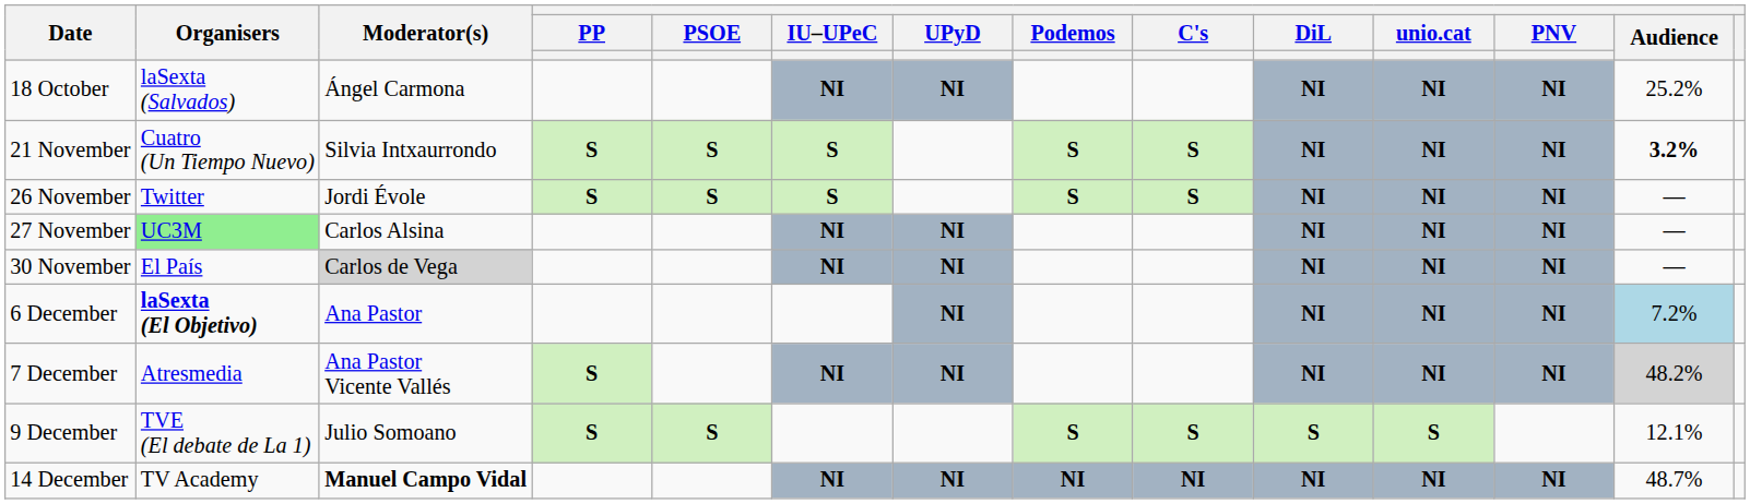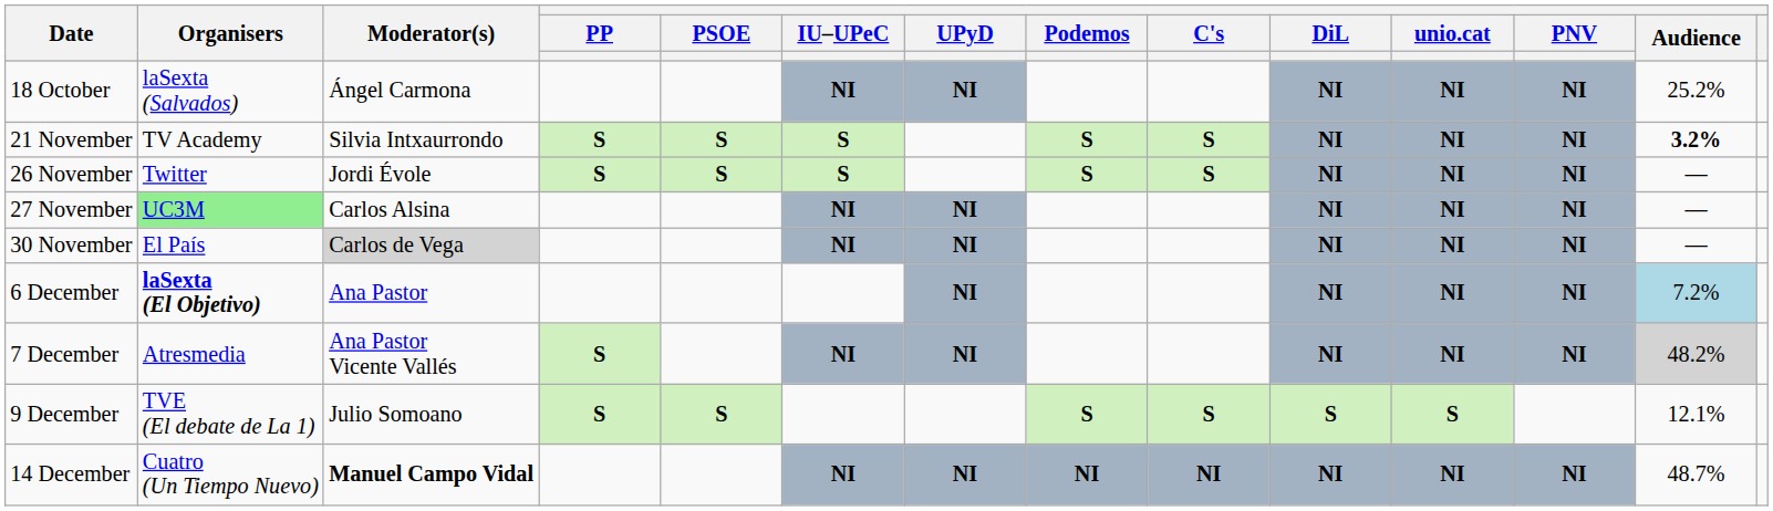 <table class="wikitable" style="text-align:center;">
 <tr>
 <th rowspan="3">Date</th>
 <th rowspan="3">Organisers</th>
 <th rowspan="3">Moderator(s)</th>
 <th colspan="11">        </th>
 </tr>
 <tr>
 <th scope="col" style="width:5em;"><a href='#'>PP</a></th>
 <th scope="col" style="width:5em;"><a href='#'>PSOE</a></th>
 <th scope="col" style="width:5em;"><a href='#'>IU</a>–<a href='#'>UPeC</a></th>
 <th scope="col" style="width:5em;"><a href='#'>UPyD</a></th>
 <th scope="col" style="width:5em;"><a href='#'>Podemos</a></th>
 <th scope="col" style="width:5em;"><a href='#'>C's</a></th>
 <th scope="col" style="width:5em;"><a href='#'>DiL</a></th>
 <th scope="col" style="width:5em;"><a href='#'>unio.cat</a></th>
 <th scope="col" style="width:5em;"><a href='#'>PNV</a></th>
 <th rowspan="2" scope="col" style="width:5em;">Audience</th>
 <th rowspan="2"></th>
 </tr>
 <tr>
 <th style="color:inherit;background:"></th>
 <th style="color:inherit;background:"></th>
 <th style="color:inherit;background:"></th>
 <th style="color:inherit;background:"></th>
 <th style="color:inherit;background:"></th>
 <th style="color:inherit;background:"></th>
 <th style="color:inherit;background:"></th>
 <th style="color:inherit;background:"></th>
 <th style="color:inherit;background:"></th>
 </tr>
 <tr>
 <td style="white-space:nowrap; text-align:left;">18 October</td>
 <td style="white-space:nowrap; text-align:left;"><a href='#'>laSexta</a><br><em>(<a href='#'>Salvados</a>)</em></td>
 <td style="white-space:nowrap; text-align:left;">Ángel Carmona</td>
 <td></td>
 <td></td>
 <td style="background:#A2B2C2;"><strong>NI</strong></td>
 <td style="background:#A2B2C2;"><strong>NI</strong></td>
 <td></td>
 <td></td>
 <td style="background:#A2B2C2;"><strong>NI</strong></td>
 <td style="background:#A2B2C2;"><strong>NI</strong></td>
 <td style="background:#A2B2C2;"><strong>NI</strong></td>
 <td>25.2%<br></td>
 <td></td>
 </tr>
 <tr>
 <td style="white-space:nowrap; text-align:left;">21 November</td>
-<td style="white-space:nowrap; text-align:left;"><a href='#'>Cuatro</a><br><em>(Un Tiempo Nuevo)</em></td>
+<td style="white-space:nowrap; text-align:left;">TV Academy</td>
 <td style="white-space:nowrap; text-align:left;">Silvia Intxaurrondo</td>
 <td style="background:#D0F0C0;"><strong>S</strong><br></td>
 <td style="background:#D0F0C0;"><strong>S</strong><br></td>
 <td style="background:#D0F0C0;"><strong>S</strong><br></td>
 <td></td>
 <td style="background:#D0F0C0;"><strong>S</strong><br></td>
 <td style="background:#D0F0C0;"><strong>S</strong><br></td>
 <td style="background:#A2B2C2;"><strong>NI</strong></td>
 <td style="background:#A2B2C2;"><strong>NI</strong></td>
 <td style="background:#A2B2C2;"><strong>NI</strong></td>
 <td><strong>3.2%<br></strong></td>
 <td></td>
 </tr>
 <tr>
 <td style="white-space:nowrap; text-align:left;">26 November</td>
 <td style="white-space:nowrap; text-align:left;"><a href='#'>Twitter</a></td>
 <td style="white-space:nowrap; text-align:left;">Jordi Évole</td>
 <td style="background:#D0F0C0;"><strong>S</strong><br></td>
 <td style="background:#D0F0C0;"><strong>S</strong><br></td>
 <td style="background:#D0F0C0;"><strong>S</strong><br></td>
 <td></td>
 <td style="background:#D0F0C0;"><strong>S</strong><br></td>
 <td style="background:#D0F0C0;"><strong>S</strong><br></td>
 <td style="background:#A2B2C2;"><strong>NI</strong></td>
 <td style="background:#A2B2C2;"><strong>NI</strong></td>
 <td style="background:#A2B2C2;"><strong>NI</strong></td>
 <td>—</td>
 <td></td>
 </tr>
 <tr>
 <td style="white-space:nowrap; text-align:left;">27 November</td>
 <td style="background: lightgreen; white-space:nowrap; text-align:left;"><a href='#'>UC3M</a></td>
 <td style="white-space:nowrap; text-align:left;">Carlos Alsina</td>
 <td></td>
 <td></td>
 <td style="background:#A2B2C2;"><strong>NI</strong></td>
 <td style="background:#A2B2C2;"><strong>NI</strong></td>
 <td></td>
 <td></td>
 <td style="background:#A2B2C2;"><strong>NI</strong></td>
 <td style="background:#A2B2C2;"><strong>NI</strong></td>
 <td style="background:#A2B2C2;"><strong>NI</strong></td>
 <td>—</td>
 <td></td>
 </tr>
 <tr>
 <td style="white-space:nowrap; text-align:left;">30 November</td>
 <td style="white-space:nowrap; text-align:left;"><a href='#'>El País</a></td>
 <td style="background: lightgrey; white-space:nowrap; text-align:left;">Carlos de Vega</td>
 <td></td>
 <td></td>
 <td style="background:#A2B2C2;"><strong>NI</strong></td>
 <td style="background:#A2B2C2;"><strong>NI</strong></td>
 <td></td>
 <td></td>
 <td style="background:#A2B2C2;"><strong>NI</strong></td>
 <td style="background:#A2B2C2;"><strong>NI</strong></td>
 <td style="background:#A2B2C2;"><strong>NI</strong></td>
 <td>—</td>
 <td></td>
 </tr>
 <tr>
 <td style="white-space:nowrap; text-align:left;">6 December</td>
 <td style="white-space:nowrap; text-align:left;"><strong><a href='#'>laSexta</a><br><em>(El Objetivo)</em></strong></td>
 <td style="white-space:nowrap; text-align:left;"><a href='#'>Ana Pastor</a></td>
 <td></td>
 <td></td>
 <td></td>
 <td style="background:#A2B2C2;"><strong>NI</strong></td>
 <td></td>
 <td></td>
 <td style="background:#A2B2C2;"><strong>NI</strong></td>
 <td style="background:#A2B2C2;"><strong>NI</strong></td>
 <td style="background:#A2B2C2;"><strong>NI</strong></td>
 <td style="background: lightblue;">7.2%<br></td>
 <td></td>
 </tr>
 <tr>
 <td style="white-space:nowrap; text-align:left;">7 December</td>
 <td style="white-space:nowrap; text-align:left;"><a href='#'>Atresmedia</a></td>
 <td style="white-space:nowrap; text-align:left;"><a href='#'>Ana Pastor</a><br>Vicente Vallés</td>
 <td style="background:#D0F0C0;"><strong>S</strong><br></td>
 <td></td>
 <td style="background:#A2B2C2;"><strong>NI</strong></td>
 <td style="background:#A2B2C2;"><strong>NI</strong></td>
 <td></td>
 <td></td>
 <td style="background:#A2B2C2;"><strong>NI</strong></td>
 <td style="background:#A2B2C2;"><strong>NI</strong></td>
 <td style="background:#A2B2C2;"><strong>NI</strong></td>
 <td style="background: lightgrey;">48.2%<br></td>
 <td></td>
 </tr>
 <tr>
 <td style="white-space:nowrap; text-align:left;">9 December</td>
 <td style="white-space:nowrap; text-align:left;"><a href='#'>TVE</a><br><em>(El debate de La 1)</em></td>
 <td style="white-space:nowrap; text-align:left;">Julio Somoano</td>
 <td style="background:#D0F0C0;"><strong>S</strong><br></td>
 <td style="background:#D0F0C0;"><strong>S</strong><br></td>
 <td></td>
 <td></td>
 <td style="background:#D0F0C0;"><strong>S</strong><br></td>
 <td style="background:#D0F0C0;"><strong>S</strong><br></td>
 <td style="background:#D0F0C0;"><strong>S</strong><br></td>
 <td style="background:#D0F0C0;"><strong>S</strong><br></td>
 <td></td>
 <td>12.1%<br></td>
 <td></td>
 </tr>
 <tr>
 <td style="white-space:nowrap; text-align:left;">14 December</td>
-<td style="white-space:nowrap; text-align:left;">TV Academy</td>
+<td style="white-space:nowrap; text-align:left;"><a href='#'>Cuatro</a><br><em>(Un Tiempo Nuevo)</em></td>
 <td style="white-space:nowrap; text-align:left;"><strong>Manuel Campo Vidal</strong></td>
 <td></td>
 <td></td>
 <td style="background:#A2B2C2;"><strong>NI</strong></td>
 <td style="background:#A2B2C2;"><strong>NI</strong></td>
 <td style="background:#A2B2C2;"><strong>NI</strong></td>
 <td style="background:#A2B2C2;"><strong>NI</strong></td>
 <td style="background:#A2B2C2;"><strong>NI</strong></td>
 <td style="background:#A2B2C2;"><strong>NI</strong></td>
 <td style="background:#A2B2C2;"><strong>NI</strong></td>
 <td>48.7%<br></td>
 <td></td>
 </tr>
 </table>
